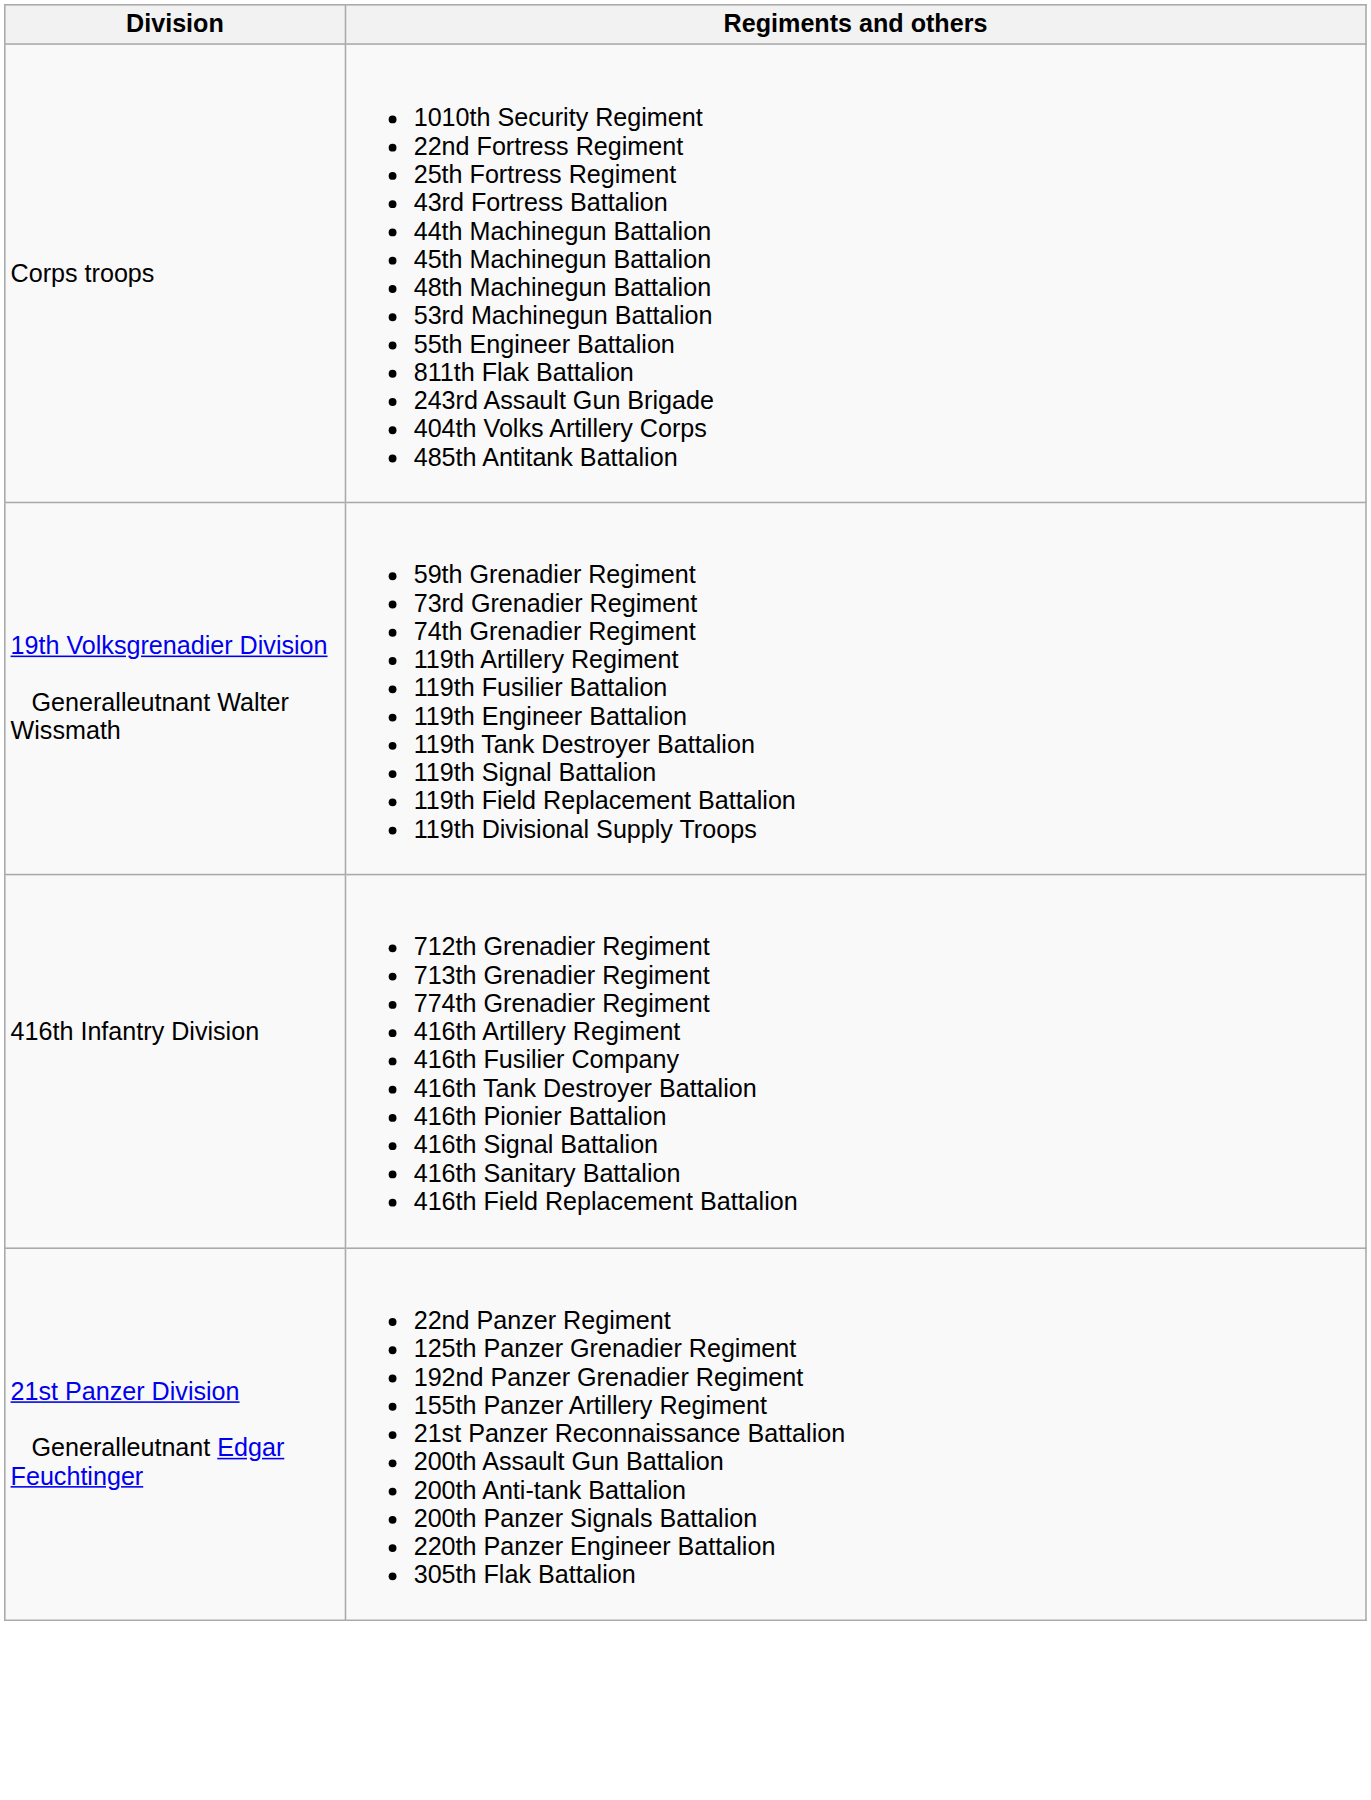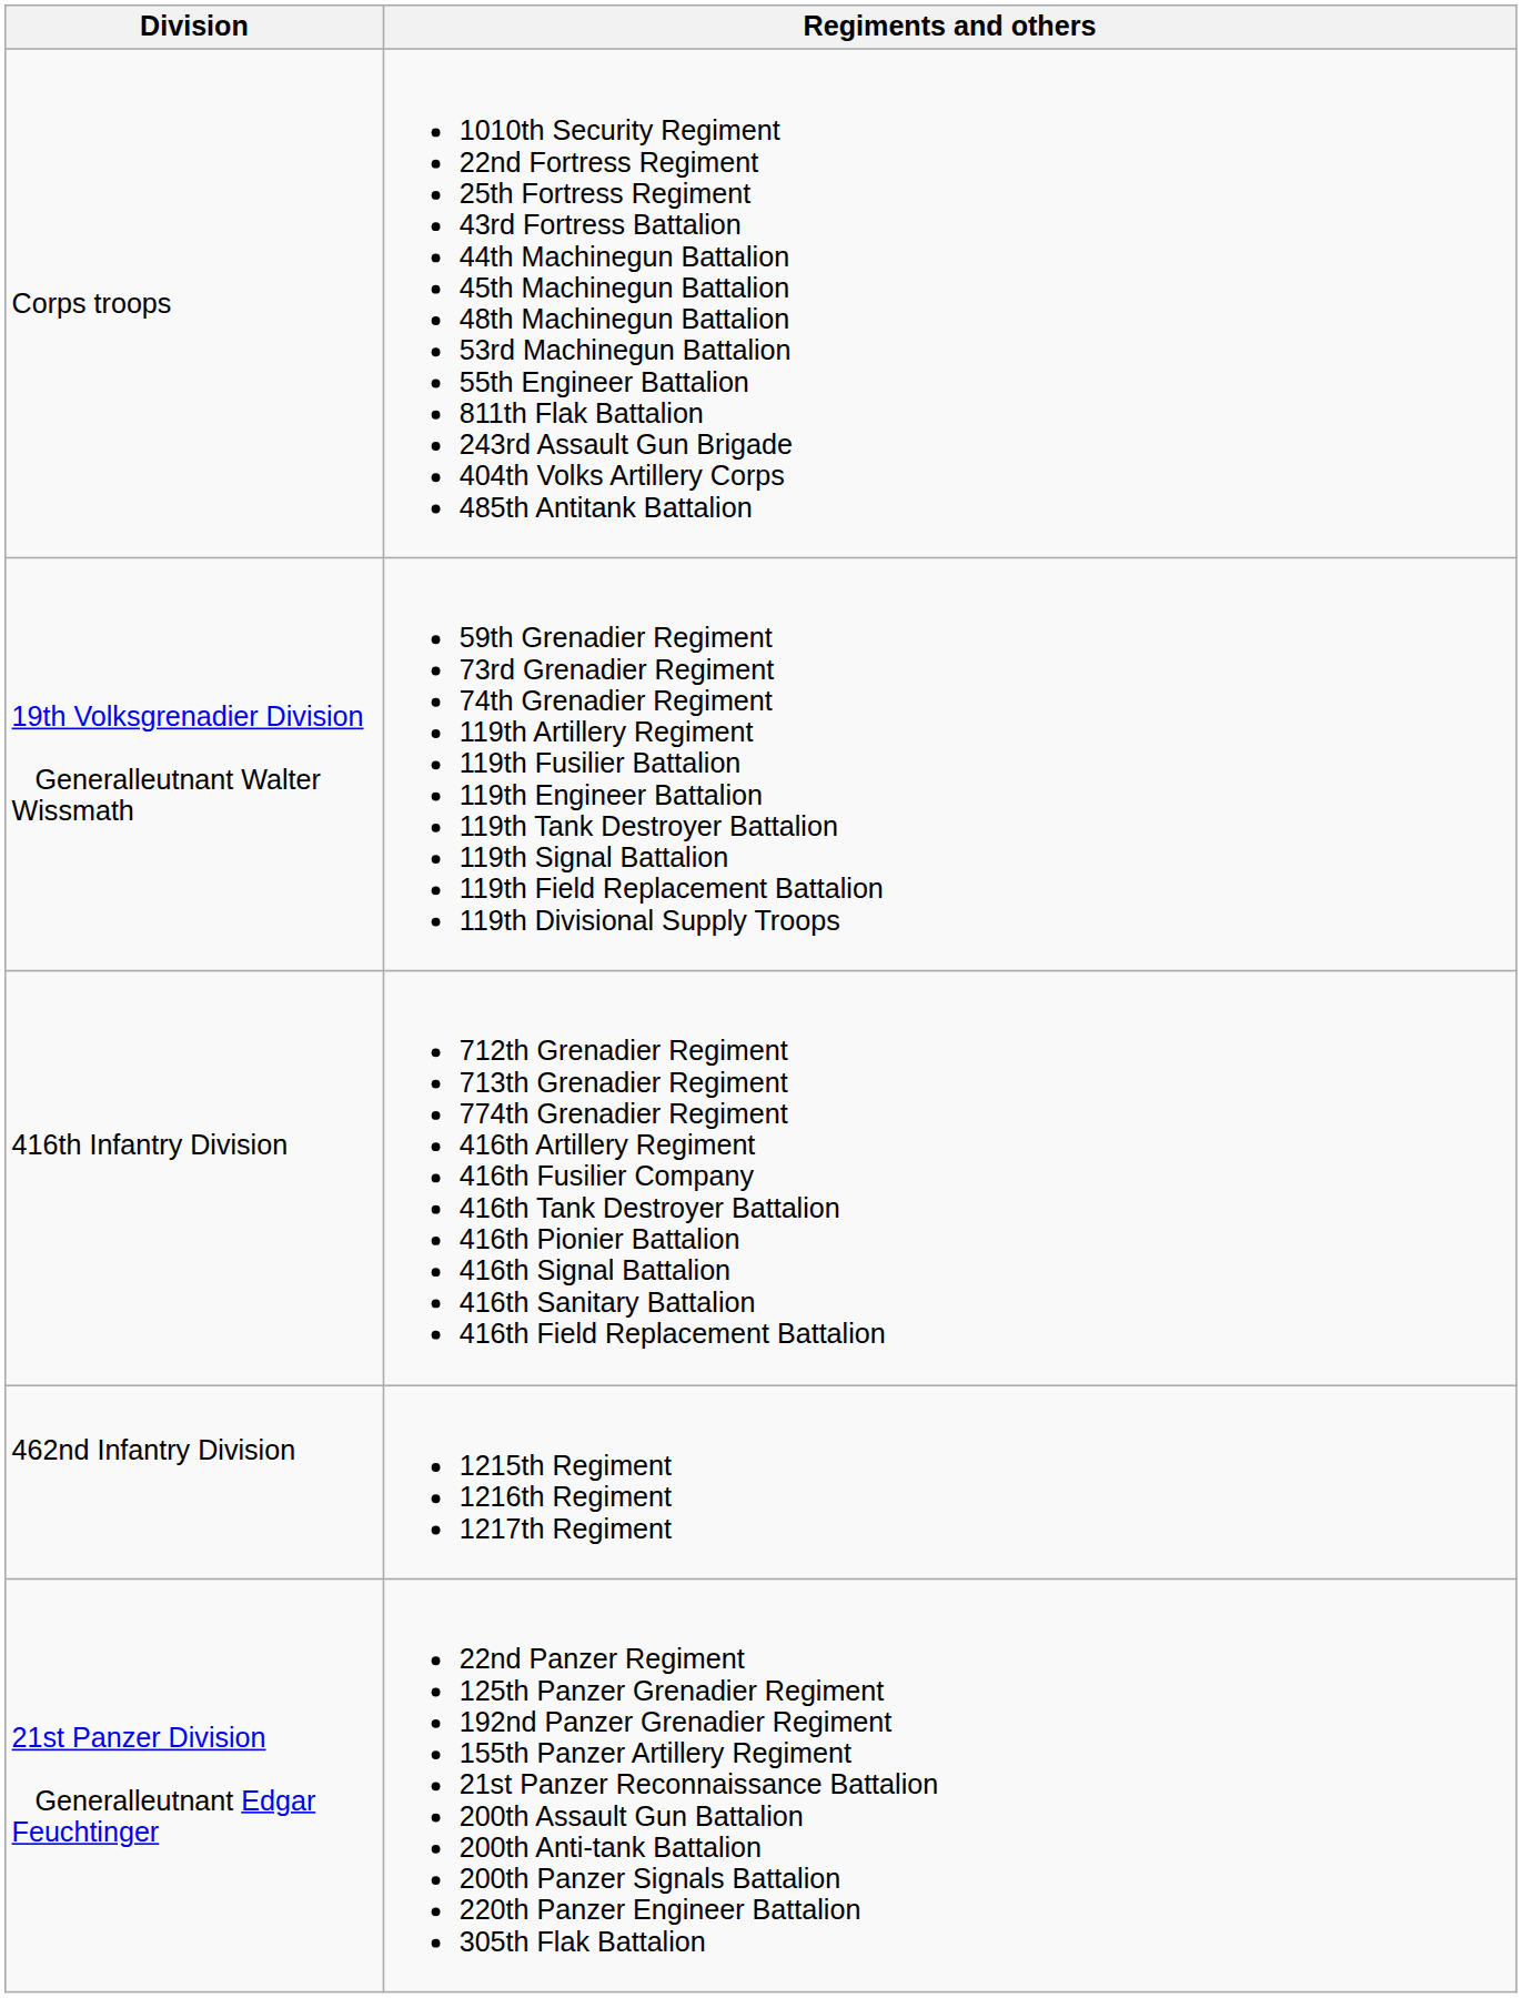 <table class="wikitable">
 <tr>
 <th width=25%>Division</th>
 <th>Regiments and others</th>
 </tr>
 <tr>
 <td>Corps troops</td>
 <td><br><ul><li>1010th Security Regiment</li><li>22nd Fortress Regiment</li><li>25th Fortress Regiment</li><li>43rd Fortress Battalion</li><li>44th Machinegun Battalion</li><li>45th Machinegun Battalion</li><li>48th Machinegun Battalion</li><li>53rd Machinegun Battalion</li><li>55th Engineer Battalion</li><li>811th Flak Battalion</li><li>243rd Assault Gun Brigade</li><li>404th Volks Artillery Corps</li><li>485th Antitank Battalion</li></ul></td>
 </tr>
 <tr>
 <td><a href='#'>19th Volksgrenadier Division</a><br><br>   Generalleutnant Walter Wissmath</td>
 <td><br><ul><li>59th Grenadier Regiment</li><li>73rd Grenadier Regiment</li><li>74th Grenadier Regiment</li><li>119th Artillery Regiment</li><li>119th Fusilier Battalion</li><li>119th Engineer Battalion</li><li>119th Tank Destroyer Battalion</li><li>119th Signal Battalion</li><li>119th Field Replacement Battalion</li><li>119th Divisional Supply Troops</li></ul></td>
 </tr>
 <tr>
 <td>416th Infantry Division<br><br>  </td>
 <td><br><ul><li>712th Grenadier Regiment</li><li>713th Grenadier Regiment</li><li>774th Grenadier Regiment</li><li>416th Artillery Regiment</li><li>416th Fusilier Company</li><li>416th Tank Destroyer Battalion</li><li>416th Pionier Battalion</li><li>416th Signal Battalion</li><li>416th Sanitary Battalion</li><li>416th Field Replacement Battalion</li></ul></td>
 </tr>
 <tr>
+<td>462nd Infantry Division<br><br>  </td>
+<td><br><ul><li>1215th Regiment</li><li>1216th Regiment</li><li>1217th Regiment</li></ul></td>
+</tr>
+<tr>
 <td><a href='#'>21st Panzer Division</a><br><br>   Generalleutnant <a href='#'>Edgar Feuchtinger</a></td>
 <td><br><ul><li>22nd Panzer Regiment</li><li>125th Panzer Grenadier Regiment</li><li>192nd Panzer Grenadier Regiment</li><li>155th Panzer Artillery Regiment</li><li>21st Panzer Reconnaissance Battalion</li><li>200th Assault Gun Battalion</li><li>200th Anti-tank Battalion</li><li>200th Panzer Signals Battalion</li><li>220th Panzer Engineer Battalion</li><li>305th Flak Battalion</li></ul></td>
 </tr>
 </table>
